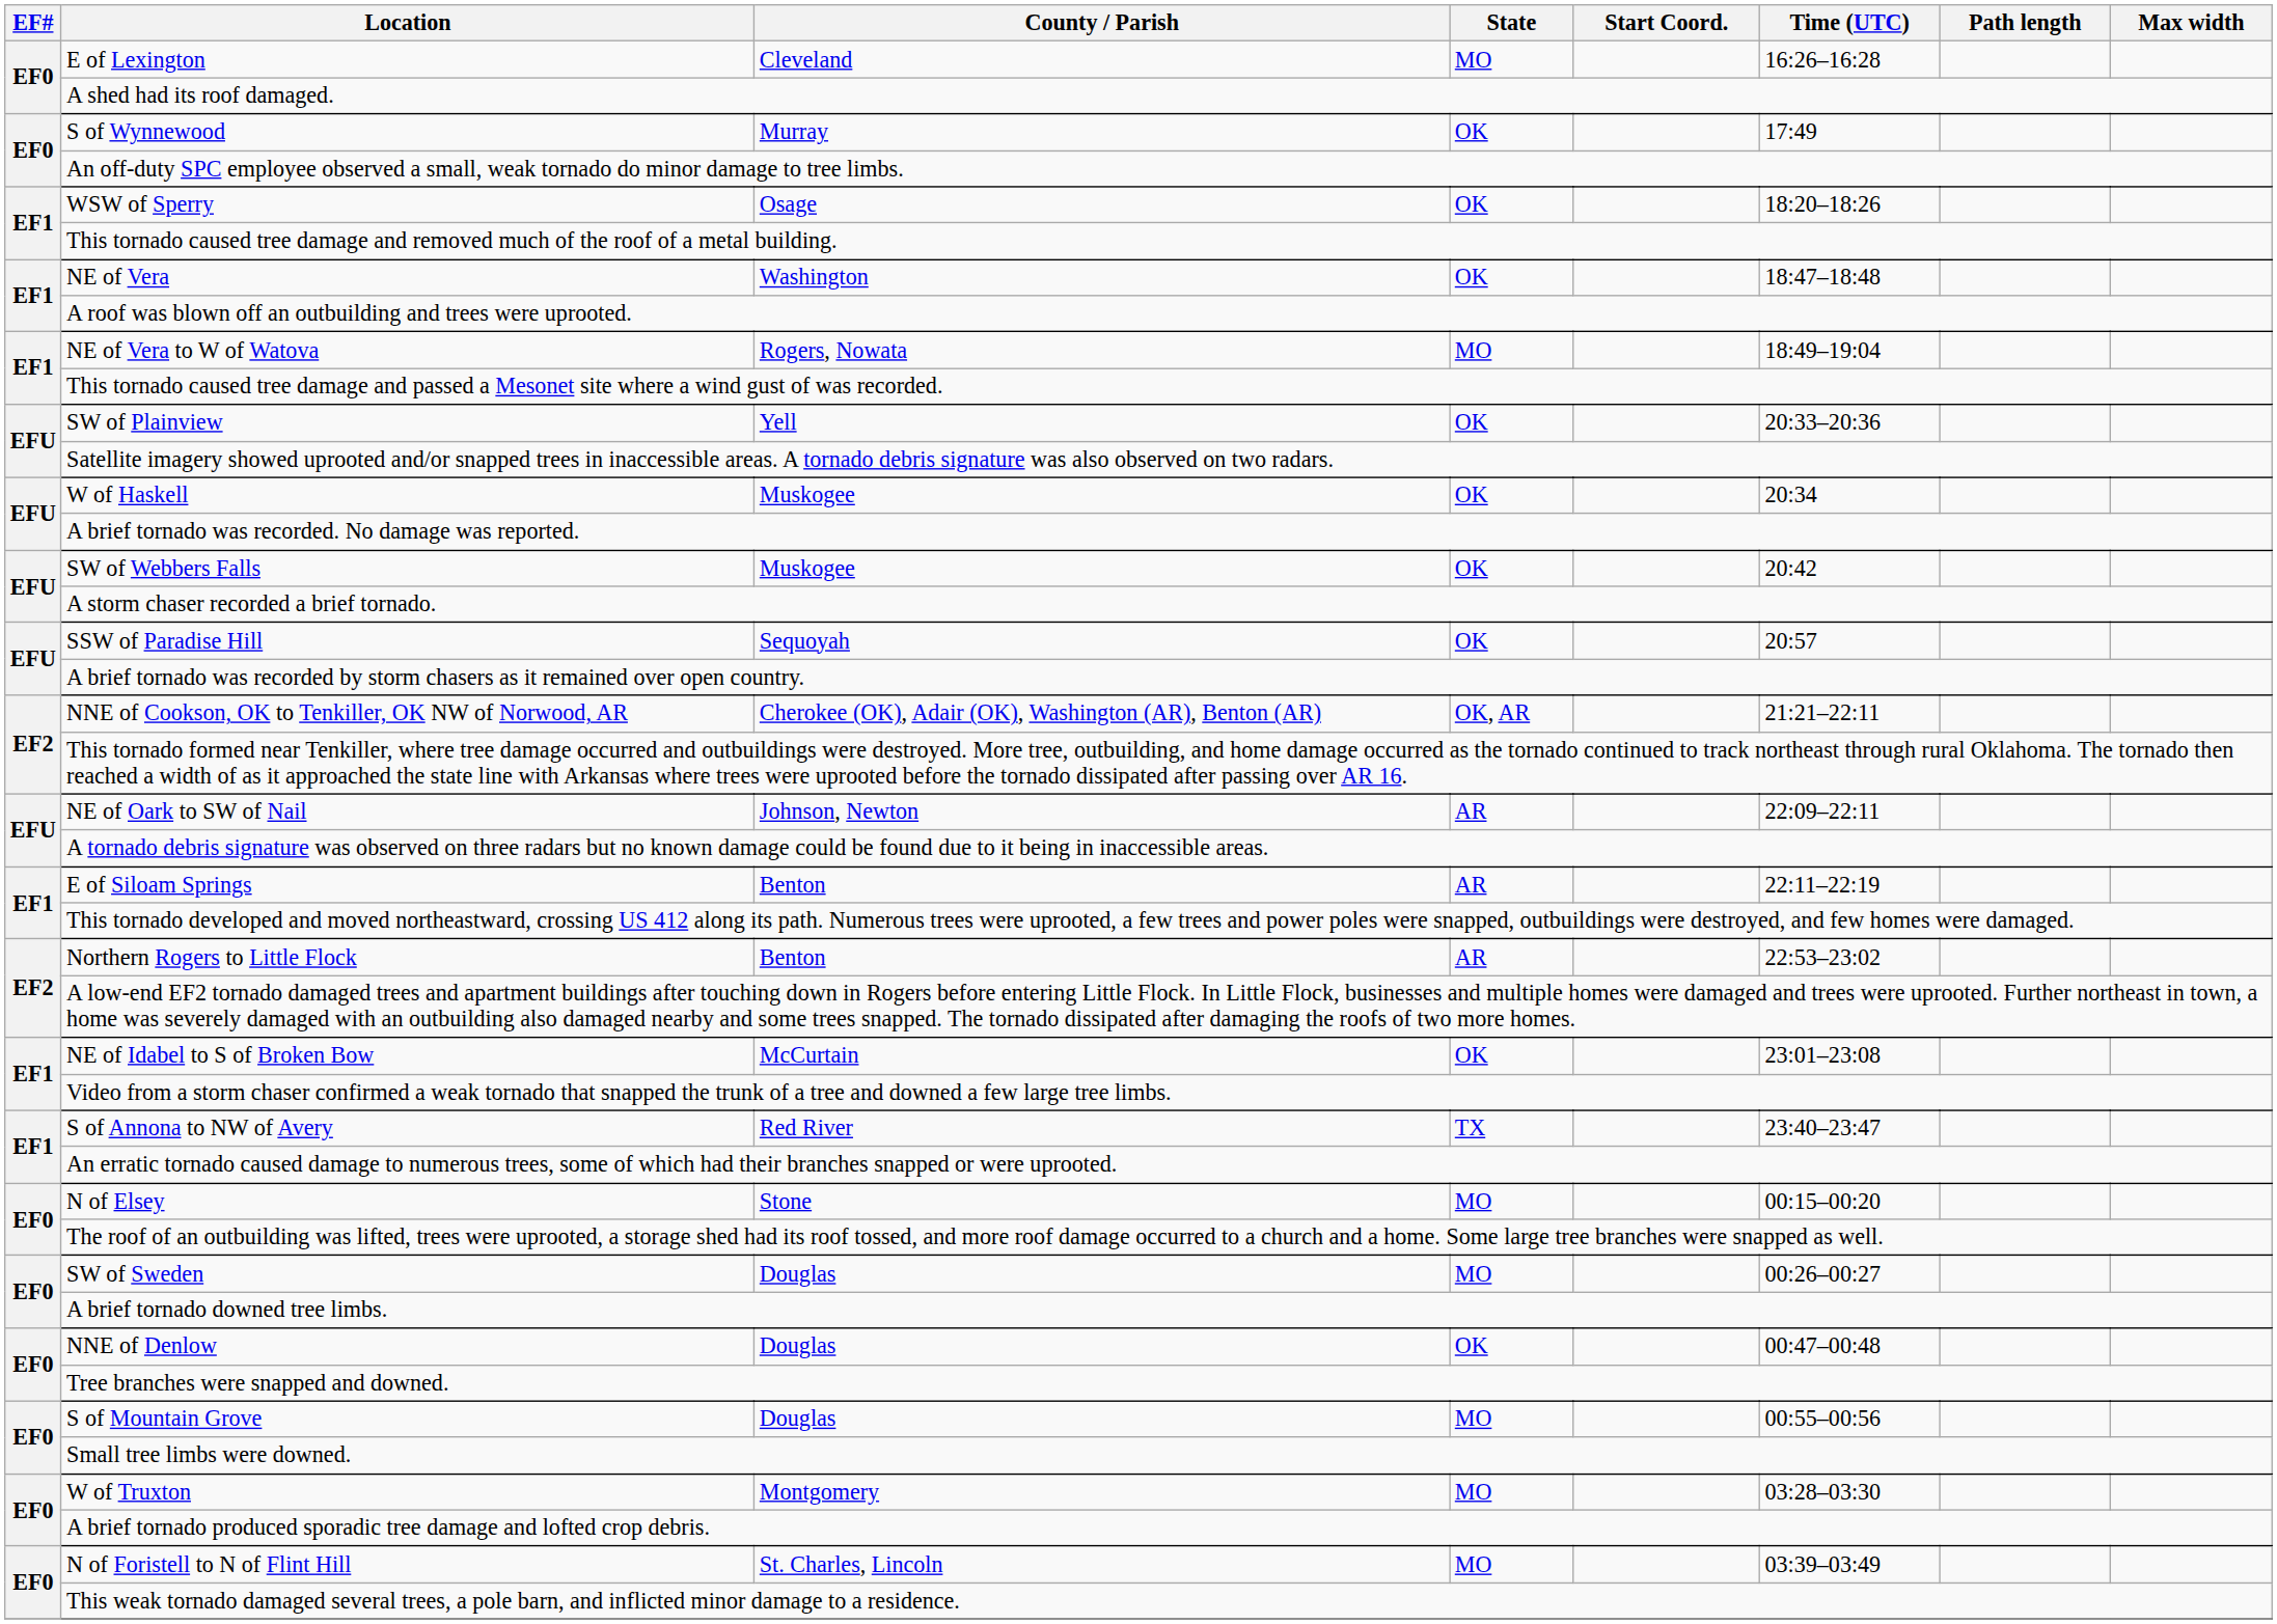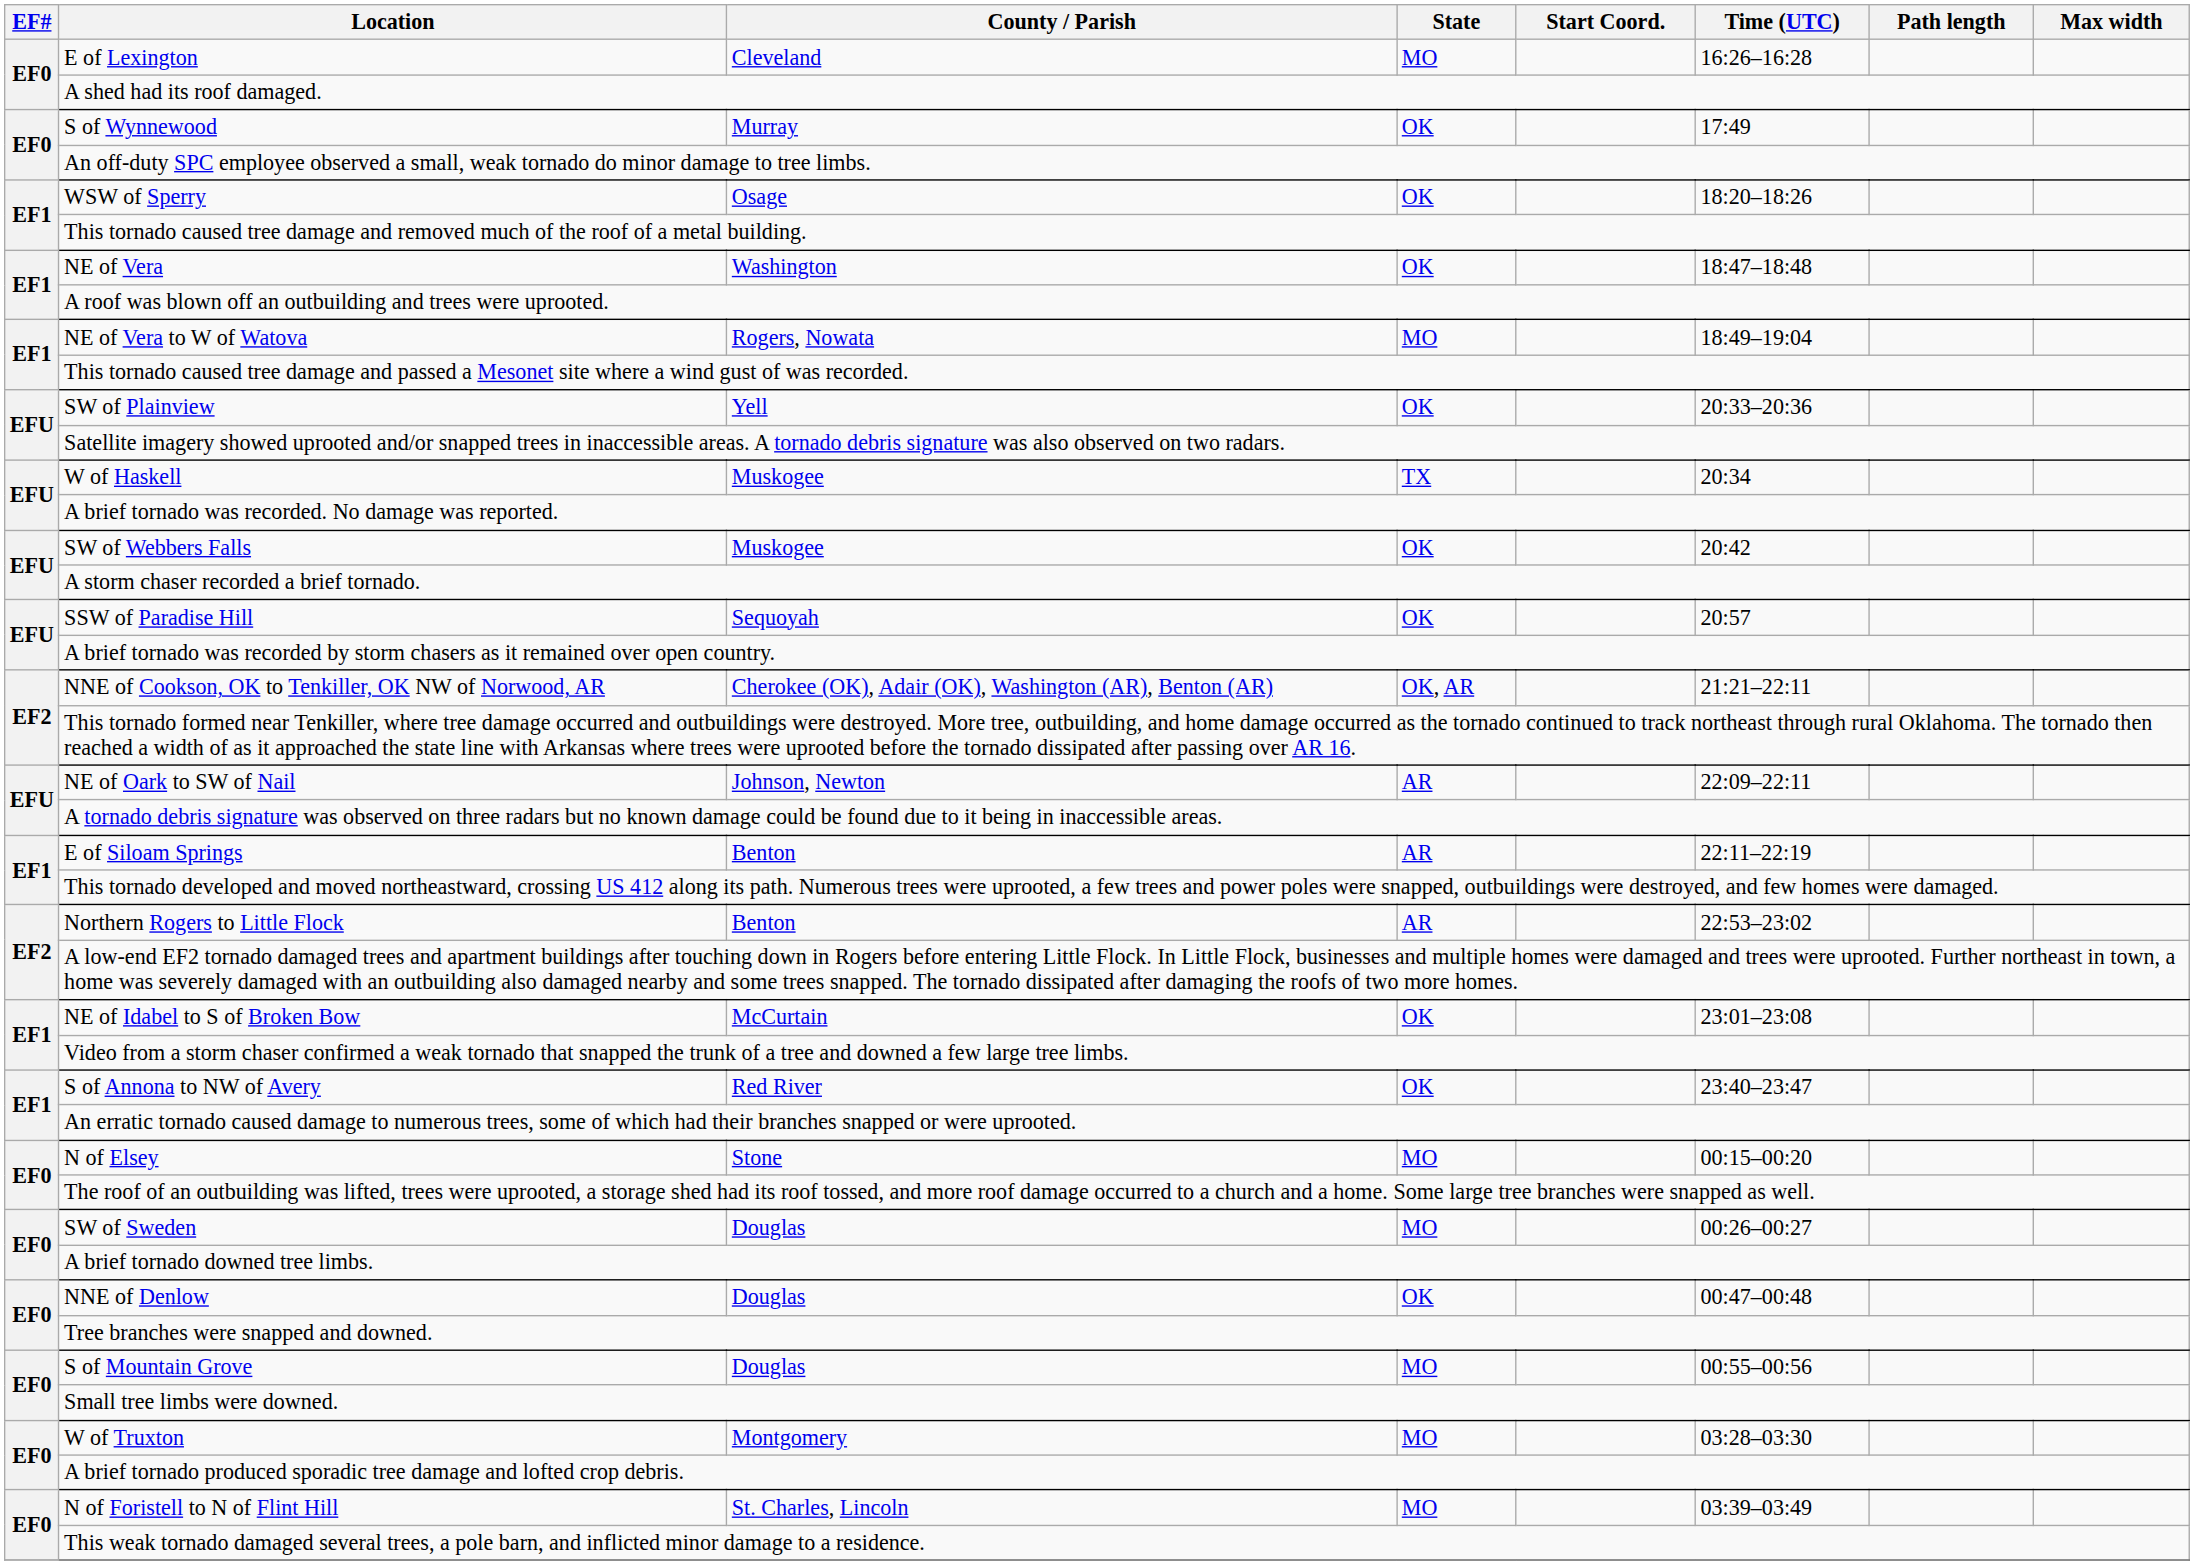 <table class="wikitable sortable" style="width:100%;">
 <tr>
 <th scope="col" width="2%" align="center"><a href='#'>EF#</a></th>
 <th scope="col" align="center" class="unsortable">Location</th>
 <th scope="col" align="center" class="unsortable">County / Parish</th>
 <th scope="col" align="center">State</th>
 <th scope="col" align="center">Start Coord.</th>
 <th scope="col" align="center">Time (<a href='#'>UTC</a>)</th>
 <th scope="col" align="center">Path length</th>
 <th scope="col" align="center">Max width</th>
 </tr>
 <tr>
 <th scope="row" rowspan="2" style="background-color:#">EF0</th>
 <td>E of <a href='#'>Lexington</a></td>
 <td><a href='#'>Cleveland</a></td>
 <td><a href='#'>MO</a></td>
 <td></td>
 <td>16:26–16:28</td>
 <td></td>
 <td></td>
 </tr>
 <tr class="expand-child">
 <td colspan="8" style=" border-bottom: 1px solid black;">A shed had its roof damaged.</td>
 </tr>
 <tr>
 <th scope="row" rowspan="2" style="background-color:#">EF0</th>
 <td>S of <a href='#'>Wynnewood</a></td>
 <td><a href='#'>Murray</a></td>
 <td><a href='#'>OK</a></td>
 <td></td>
 <td>17:49</td>
 <td></td>
 <td></td>
 </tr>
 <tr class="expand-child">
 <td colspan="8" style=" border-bottom: 1px solid black;">An off-duty <a href='#'>SPC</a> employee observed a small, weak tornado do minor damage to tree limbs.</td>
 </tr>
 <tr>
 <th scope="row" rowspan="2" style="background-color:#">EF1</th>
 <td>WSW of <a href='#'>Sperry</a></td>
 <td><a href='#'>Osage</a></td>
 <td><a href='#'>OK</a></td>
 <td></td>
 <td>18:20–18:26</td>
 <td></td>
 <td></td>
 </tr>
 <tr class="expand-child">
 <td colspan="8" style=" border-bottom: 1px solid black;">This tornado caused tree damage and removed much of the roof of a metal building.</td>
 </tr>
 <tr>
 <th scope="row" rowspan="2" style="background-color:#">EF1</th>
 <td>NE of <a href='#'>Vera</a></td>
 <td><a href='#'>Washington</a></td>
 <td><a href='#'>OK</a></td>
 <td></td>
 <td>18:47–18:48</td>
 <td></td>
 <td></td>
 </tr>
 <tr class="expand-child">
 <td colspan="8" style=" border-bottom: 1px solid black;">A roof was blown off an outbuilding and trees were uprooted.</td>
 </tr>
 <tr>
 <th scope="row" rowspan="2" style="background-color:#">EF1</th>
 <td>NE of <a href='#'>Vera</a> to W of <a href='#'>Watova</a></td>
 <td><a href='#'>Rogers</a>, <a href='#'>Nowata</a></td>
 <td><a href='#'>MO</a></td>
 <td></td>
 <td>18:49–19:04</td>
 <td></td>
 <td></td>
 </tr>
 <tr class="expand-child">
 <td colspan="8" style=" border-bottom: 1px solid black;">This tornado caused tree damage and passed a <a href='#'>Mesonet</a> site where a wind gust of  was recorded.</td>
 </tr>
 <tr>
 <th scope="row" rowspan="2" style="background-color:#">EFU</th>
 <td>SW of <a href='#'>Plainview</a></td>
 <td><a href='#'>Yell</a></td>
 <td><a href='#'>OK</a></td>
 <td></td>
 <td>20:33–20:36</td>
 <td></td>
 <td></td>
 </tr>
 <tr class="expand-child">
 <td colspan="8" style=" border-bottom: 1px solid black;">Satellite imagery showed uprooted and/or snapped trees in inaccessible areas. A <a href='#'>tornado debris signature</a> was also observed on two radars.</td>
 </tr>
 <tr>
 <th scope="row" rowspan="2" style="background-color:#">EFU</th>
 <td>W of <a href='#'>Haskell</a></td>
 <td><a href='#'>Muskogee</a></td>
-<td><a href='#'>OK</a></td>
+<td><a href='#'>TX</a></td>
 <td></td>
 <td>20:34</td>
 <td></td>
 <td></td>
 </tr>
 <tr class="expand-child">
 <td colspan="8" style=" border-bottom: 1px solid black;">A brief tornado was recorded. No damage was reported.</td>
 </tr>
 <tr>
 <th scope="row" rowspan="2" style="background-color:#">EFU</th>
 <td>SW of <a href='#'>Webbers Falls</a></td>
 <td><a href='#'>Muskogee</a></td>
 <td><a href='#'>OK</a></td>
 <td></td>
 <td>20:42</td>
 <td></td>
 <td></td>
 </tr>
 <tr class="expand-child">
 <td colspan="8" style=" border-bottom: 1px solid black;">A storm chaser recorded a brief tornado.</td>
 </tr>
 <tr>
 <th scope="row" rowspan="2" style="background-color:#">EFU</th>
 <td>SSW of <a href='#'>Paradise Hill</a></td>
 <td><a href='#'>Sequoyah</a></td>
 <td><a href='#'>OK</a></td>
 <td></td>
 <td>20:57</td>
 <td></td>
 <td></td>
 </tr>
 <tr class="expand-child">
 <td colspan="8" style=" border-bottom: 1px solid black;">A brief tornado was recorded by storm chasers as it remained over open country.</td>
 </tr>
 <tr>
 <th scope="row" rowspan="2" style="background-color:#">EF2</th>
 <td>NNE of <a href='#'>Cookson, OK</a> to <a href='#'>Tenkiller, OK</a> NW of <a href='#'>Norwood, AR</a></td>
 <td><a href='#'>Cherokee (OK)</a>, <a href='#'>Adair (OK)</a>, <a href='#'>Washington (AR)</a>, <a href='#'>Benton (AR)</a></td>
 <td><a href='#'>OK</a>, <a href='#'>AR</a></td>
 <td></td>
 <td>21:21–22:11</td>
 <td></td>
 <td></td>
 </tr>
 <tr class="expand-child">
 <td colspan="8" style=" border-bottom: 1px solid black;">This tornado formed near Tenkiller, where tree damage occurred and outbuildings were destroyed. More tree, outbuilding, and home damage occurred as the tornado continued to track northeast through rural Oklahoma. The tornado then reached a width of  as it approached the state line with Arkansas where trees were uprooted before the tornado dissipated after passing over <a href='#'>AR 16</a>.</td>
 </tr>
 <tr>
 <th scope="row" rowspan="2" style="background-color:#">EFU</th>
 <td>NE of <a href='#'>Oark</a> to SW of <a href='#'>Nail</a></td>
 <td><a href='#'>Johnson</a>, <a href='#'>Newton</a></td>
 <td><a href='#'>AR</a></td>
 <td></td>
 <td>22:09–22:11</td>
 <td></td>
 <td></td>
 </tr>
 <tr class="expand-child">
 <td colspan="8" style=" border-bottom: 1px solid black;">A <a href='#'>tornado debris signature</a> was observed on three radars but no known damage could be found due to it being in inaccessible areas.</td>
 </tr>
 <tr>
 <th scope="row" rowspan="2" style="background-color:#">EF1</th>
 <td>E of <a href='#'>Siloam Springs</a></td>
 <td><a href='#'>Benton</a></td>
 <td><a href='#'>AR</a></td>
 <td></td>
 <td>22:11–22:19</td>
 <td></td>
 <td></td>
 </tr>
 <tr class="expand-child">
 <td colspan="8" style=" border-bottom: 1px solid black;">This tornado developed and moved northeastward, crossing <a href='#'>US 412</a> along its path. Numerous trees were uprooted, a few trees and power poles were snapped, outbuildings were destroyed, and few homes were damaged.</td>
 </tr>
 <tr>
 <th scope="row" rowspan="2" style="background-color:#">EF2</th>
 <td>Northern <a href='#'>Rogers</a> to <a href='#'>Little Flock</a></td>
 <td><a href='#'>Benton</a></td>
 <td><a href='#'>AR</a></td>
 <td></td>
 <td>22:53–23:02</td>
 <td></td>
 <td></td>
 </tr>
 <tr class="expand-child">
 <td colspan="8" style=" border-bottom: 1px solid black;">A low-end EF2 tornado damaged trees and apartment buildings after touching down in Rogers before entering Little Flock. In Little Flock, businesses and multiple homes were damaged and trees were uprooted. Further northeast in town, a home was severely damaged with an outbuilding also damaged nearby and some trees snapped. The tornado dissipated after damaging the roofs of two more homes.</td>
 </tr>
 <tr>
 <th scope="row" rowspan="2" style="background-color:#">EF1</th>
 <td>NE of <a href='#'>Idabel</a> to S of <a href='#'>Broken Bow</a></td>
 <td><a href='#'>McCurtain</a></td>
 <td><a href='#'>OK</a></td>
 <td></td>
 <td>23:01–23:08</td>
 <td></td>
 <td></td>
 </tr>
 <tr class="expand-child">
 <td colspan="8" style=" border-bottom: 1px solid black;">Video from a storm chaser confirmed a weak tornado that snapped the trunk of a tree and downed a few large tree limbs.</td>
 </tr>
 <tr>
 <th scope="row" rowspan="2" style="background-color:#">EF1</th>
 <td>S of <a href='#'>Annona</a> to NW of <a href='#'>Avery</a></td>
 <td><a href='#'>Red River</a></td>
-<td><a href='#'>TX</a></td>
+<td><a href='#'>OK</a></td>
 <td></td>
 <td>23:40–23:47</td>
 <td></td>
 <td></td>
 </tr>
 <tr class="expand-child">
 <td colspan="8" style=" border-bottom: 1px solid black;">An erratic tornado caused damage to numerous trees, some of which had their branches snapped or were uprooted.</td>
 </tr>
 <tr>
 <th scope="row" rowspan="2" style="background-color:#">EF0</th>
 <td>N of <a href='#'>Elsey</a></td>
 <td><a href='#'>Stone</a></td>
 <td><a href='#'>MO</a></td>
 <td></td>
 <td>00:15–00:20</td>
 <td></td>
 <td></td>
 </tr>
 <tr class="expand-child">
 <td colspan="8" style=" border-bottom: 1px solid black;">The roof of an outbuilding was lifted, trees were uprooted, a storage shed had its roof tossed, and more roof damage occurred to a church and a home. Some large tree branches were snapped as well.</td>
 </tr>
 <tr>
 <th scope="row" rowspan="2" style="background-color:#">EF0</th>
 <td>SW of <a href='#'>Sweden</a></td>
 <td><a href='#'>Douglas</a></td>
 <td><a href='#'>MO</a></td>
 <td></td>
 <td>00:26–00:27</td>
 <td></td>
 <td></td>
 </tr>
 <tr class="expand-child">
 <td colspan="8" style=" border-bottom: 1px solid black;">A brief tornado downed tree limbs.</td>
 </tr>
 <tr>
 <th scope="row" rowspan="2" style="background-color:#">EF0</th>
 <td>NNE of <a href='#'>Denlow</a></td>
 <td><a href='#'>Douglas</a></td>
 <td><a href='#'>OK</a></td>
 <td></td>
 <td>00:47–00:48</td>
 <td></td>
 <td></td>
 </tr>
 <tr class="expand-child">
 <td colspan="8" style=" border-bottom: 1px solid black;">Tree branches were snapped and downed.</td>
 </tr>
 <tr>
 <th scope="row" rowspan="2" style="background-color:#">EF0</th>
 <td>S of <a href='#'>Mountain Grove</a></td>
 <td><a href='#'>Douglas</a></td>
 <td><a href='#'>MO</a></td>
 <td></td>
 <td>00:55–00:56</td>
 <td></td>
 <td></td>
 </tr>
 <tr class="expand-child">
 <td colspan="8" style=" border-bottom: 1px solid black;">Small tree limbs were downed.</td>
 </tr>
 <tr>
 <th scope="row" rowspan="2" style="background-color:#">EF0</th>
 <td>W of <a href='#'>Truxton</a></td>
 <td><a href='#'>Montgomery</a></td>
 <td><a href='#'>MO</a></td>
 <td></td>
 <td>03:28–03:30</td>
 <td></td>
 <td></td>
 </tr>
 <tr class="expand-child">
 <td colspan="8" style=" border-bottom: 1px solid black;">A brief tornado produced sporadic tree damage and lofted crop debris.</td>
 </tr>
 <tr>
 <th scope="row" rowspan="2" style="background-color:#">EF0</th>
 <td>N of <a href='#'>Foristell</a> to N of <a href='#'>Flint Hill</a></td>
 <td><a href='#'>St. Charles</a>, <a href='#'>Lincoln</a></td>
 <td><a href='#'>MO</a></td>
 <td></td>
 <td>03:39–03:49</td>
 <td></td>
 <td></td>
 </tr>
 <tr class="expand-child">
 <td colspan="8" style=" border-bottom: 1px solid black;">This weak tornado damaged several trees, a pole barn, and inflicted minor damage to a residence.</td>
 </tr>
 <tr>
 </tr>
 </table>
